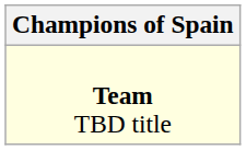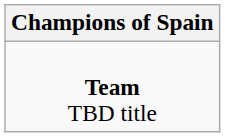 <table class=wikitable style="text-align:center; margin:auto">
 <tr>
 <th>Champions of Spain</th>
 </tr>
 <tr>
-<td style="background: lightyellow;"> <br><strong>Team</strong><br>TBD title</td>
+<td> <br><strong>Team</strong><br>TBD title</td>
 </tr>
 </table>
